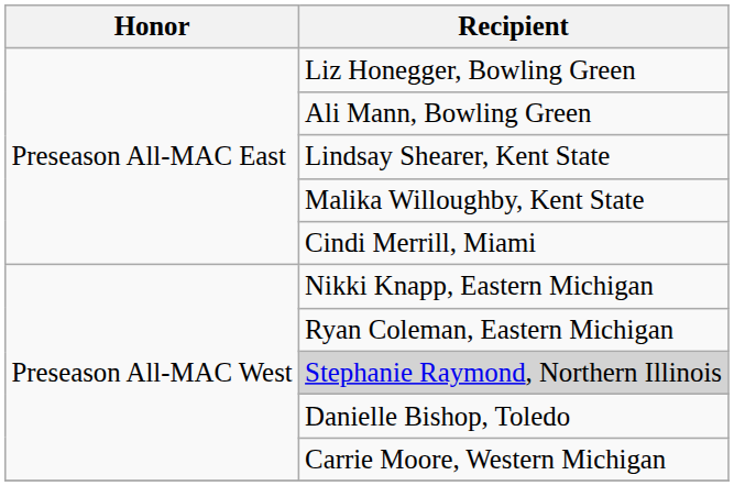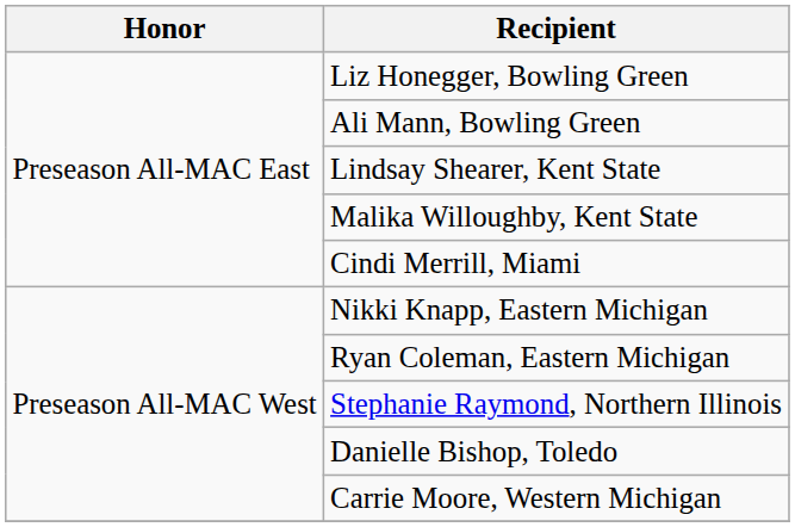 <table class="wikitable" border="1">
 <tr>
 <th>Honor</th>
 <th>Recipient</th>
 </tr>
 <tr>
 <td rowspan=5 valign=middle>Preseason All-MAC East</td>
 <td>Liz Honegger, Bowling Green</td>
 </tr>
 <tr>
 <td>Ali Mann, Bowling Green</td>
 </tr>
 <tr>
 <td>Lindsay Shearer, Kent State</td>
 </tr>
 <tr>
 <td>Malika Willoughby, Kent State</td>
 </tr>
 <tr>
 <td>Cindi Merrill, Miami</td>
 </tr>
 <tr>
 <td rowspan=5 valign=middle>Preseason All-MAC West</td>
 <td>Nikki Knapp, Eastern Michigan</td>
 </tr>
 <tr>
 <td>Ryan Coleman, Eastern Michigan</td>
 </tr>
 <tr>
-<td style="background: lightgrey;"><a href='#'>Stephanie Raymond</a>, Northern Illinois</td>
+<td><a href='#'>Stephanie Raymond</a>, Northern Illinois</td>
 </tr>
 <tr>
 <td>Danielle Bishop, Toledo</td>
 </tr>
 <tr>
 <td>Carrie Moore, Western Michigan</td>
 </tr>
 <tr>
 </tr>
 </table>
